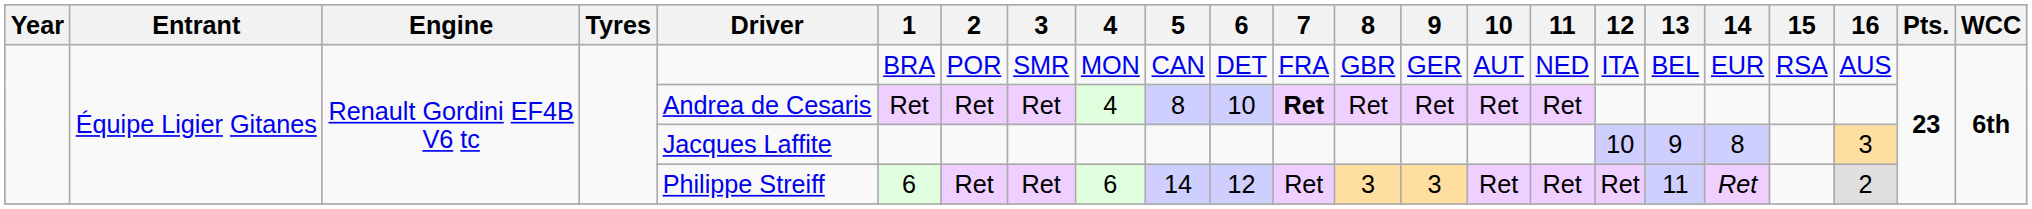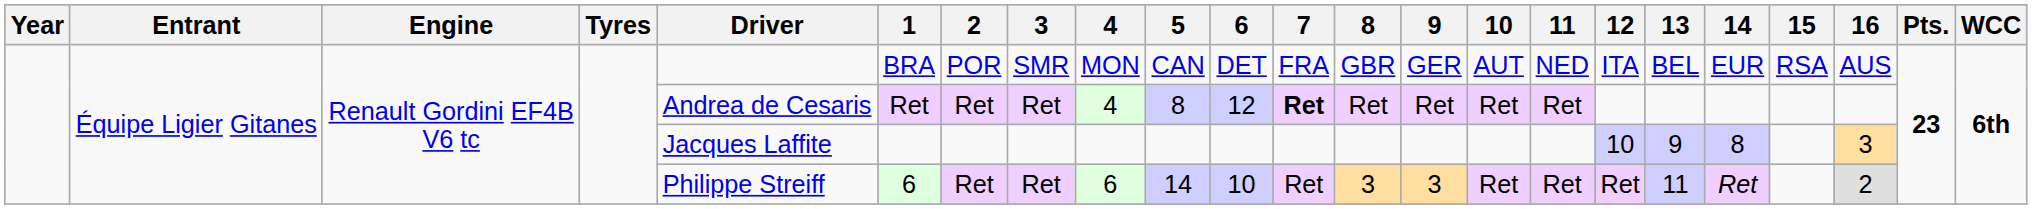 <table class="wikitable" style="text-align:center; font-size:95%">
 <tr>
 <th>Year</th>
 <th>Entrant</th>
 <th>Engine</th>
 <th>Tyres</th>
 <th>Driver</th>
 <th>1</th>
 <th>2</th>
 <th>3</th>
 <th>4</th>
 <th>5</th>
 <th>6</th>
 <th>7</th>
 <th>8</th>
 <th>9</th>
 <th>10</th>
 <th>11</th>
 <th>12</th>
 <th>13</th>
 <th>14</th>
 <th>15</th>
 <th>16</th>
 <th>Pts.</th>
 <th>WCC</th>
 </tr>
 <tr>
 <td rowspan="4"></td>
 <td rowspan="4"><a href='#'>Équipe Ligier</a> <a href='#'>Gitanes</a></td>
 <td rowspan="4"><a href='#'>Renault Gordini</a> <a href='#'>EF4B</a><br><a href='#'>V6</a> <a href='#'>tc</a></td>
 <td rowspan="4"></td>
 <td></td>
 <td><a href='#'>BRA</a></td>
 <td><a href='#'>POR</a></td>
 <td><a href='#'>SMR</a></td>
 <td><a href='#'>MON</a></td>
 <td><a href='#'>CAN</a></td>
 <td><a href='#'>DET</a></td>
 <td><a href='#'>FRA</a></td>
 <td><a href='#'>GBR</a></td>
 <td><a href='#'>GER</a></td>
 <td><a href='#'>AUT</a></td>
 <td><a href='#'>NED</a></td>
 <td><a href='#'>ITA</a></td>
 <td><a href='#'>BEL</a></td>
 <td><a href='#'>EUR</a></td>
 <td><a href='#'>RSA</a></td>
 <td><a href='#'>AUS</a></td>
 <td rowspan="4"><strong>23</strong></td>
 <td rowspan="4"><strong>6th</strong></td>
 </tr>
 <tr>
 <td align="left"><a href='#'>Andrea de Cesaris</a></td>
 <td style="background:#efcfff;">Ret</td>
 <td style="background:#efcfff;">Ret</td>
 <td style="background:#efcfff;">Ret</td>
 <td style="background:#dfffdf;">4</td>
 <td style="background:#cfcfff;">8</td>
-<td style="background:#cfcfff;">10</td>
+<td style="background:#cfcfff;">12</td>
 <td style="background:#efcfff;"><strong>Ret</strong></td>
 <td style="background:#efcfff;">Ret</td>
 <td style="background:#efcfff;">Ret</td>
 <td style="background:#efcfff;">Ret</td>
 <td style="background:#efcfff;">Ret</td>
 <td></td>
 <td></td>
 <td></td>
 <td></td>
 <td></td>
 </tr>
 <tr>
 <td align="left"><a href='#'>Jacques Laffite</a></td>
 <td></td>
 <td></td>
 <td></td>
 <td></td>
 <td></td>
 <td></td>
 <td></td>
 <td></td>
 <td></td>
 <td></td>
 <td></td>
 <td style="background:#cfcfff;">10</td>
 <td style="background:#cfcfff;">9</td>
 <td style="background:#cfcfff;">8</td>
 <td></td>
 <td style="background:#ffdf9f;">3</td>
 </tr>
 <tr>
 <td align="left"><a href='#'>Philippe Streiff</a></td>
 <td style="background:#dfffdf;">6</td>
 <td style="background:#efcfff;">Ret</td>
 <td style="background:#efcfff;">Ret</td>
 <td style="background:#dfffdf;">6</td>
 <td style="background:#cfcfff;">14</td>
-<td style="background:#cfcfff;">12</td>
+<td style="background:#cfcfff;">10</td>
 <td style="background:#efcfff;">Ret</td>
 <td style="background:#ffdf9f;">3</td>
 <td style="background:#ffdf9f;">3</td>
 <td style="background:#efcfff;">Ret</td>
 <td style="background:#efcfff;">Ret</td>
 <td style="background:#efcfff;">Ret</td>
 <td style="background:#cfcfff;">11</td>
 <td style="background:#efcfff;"><em>Ret</em></td>
 <td></td>
 <td style="background:#dfdfdf;">2</td>
 </tr>
 </table>
